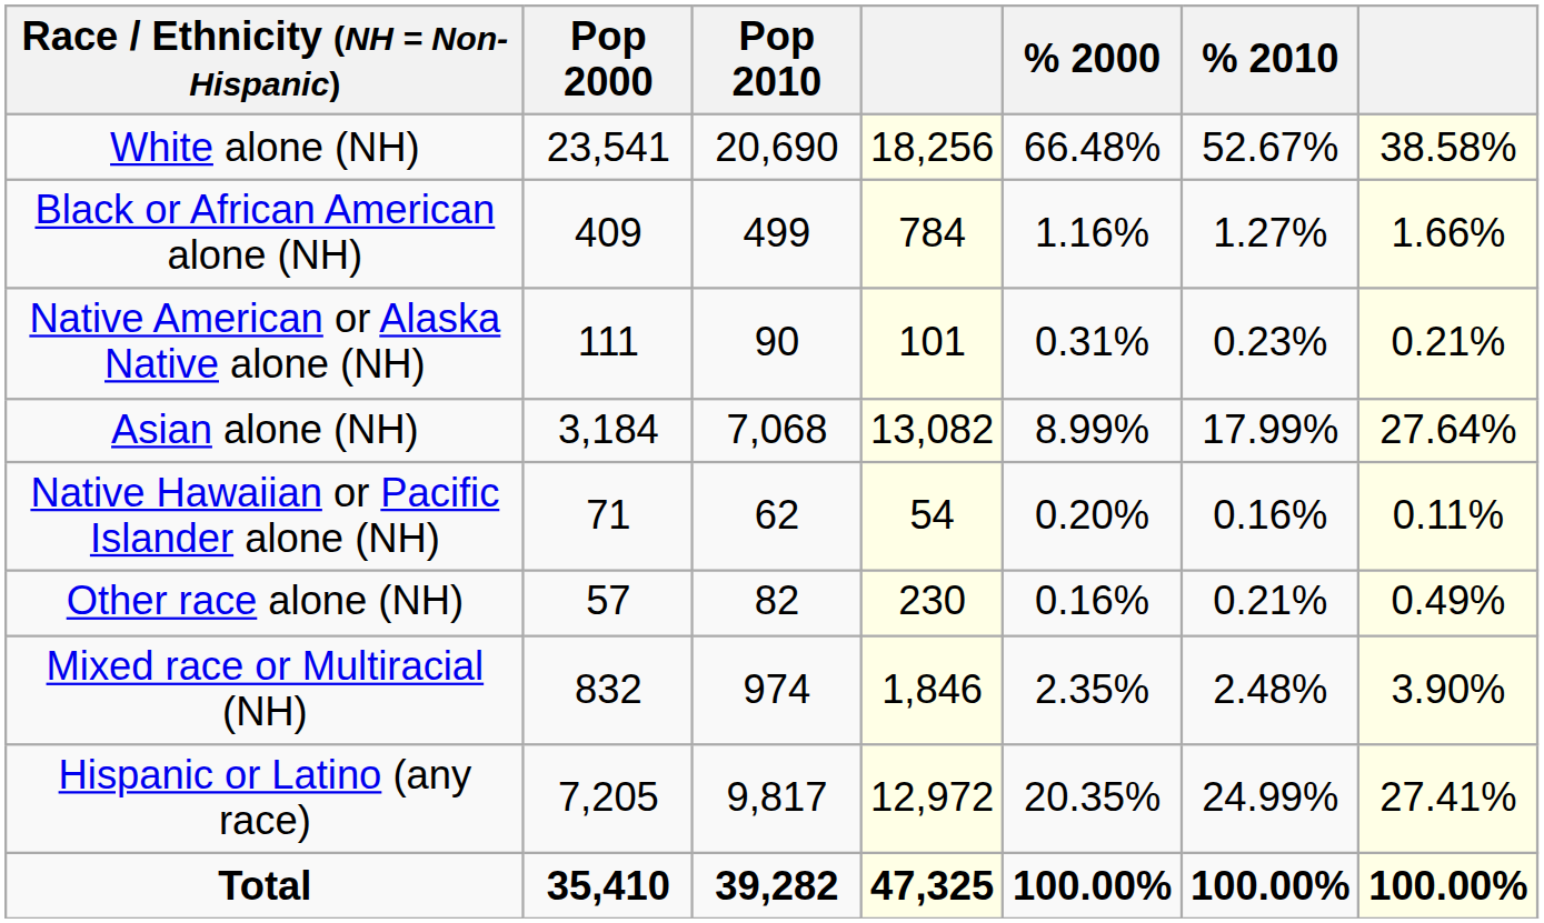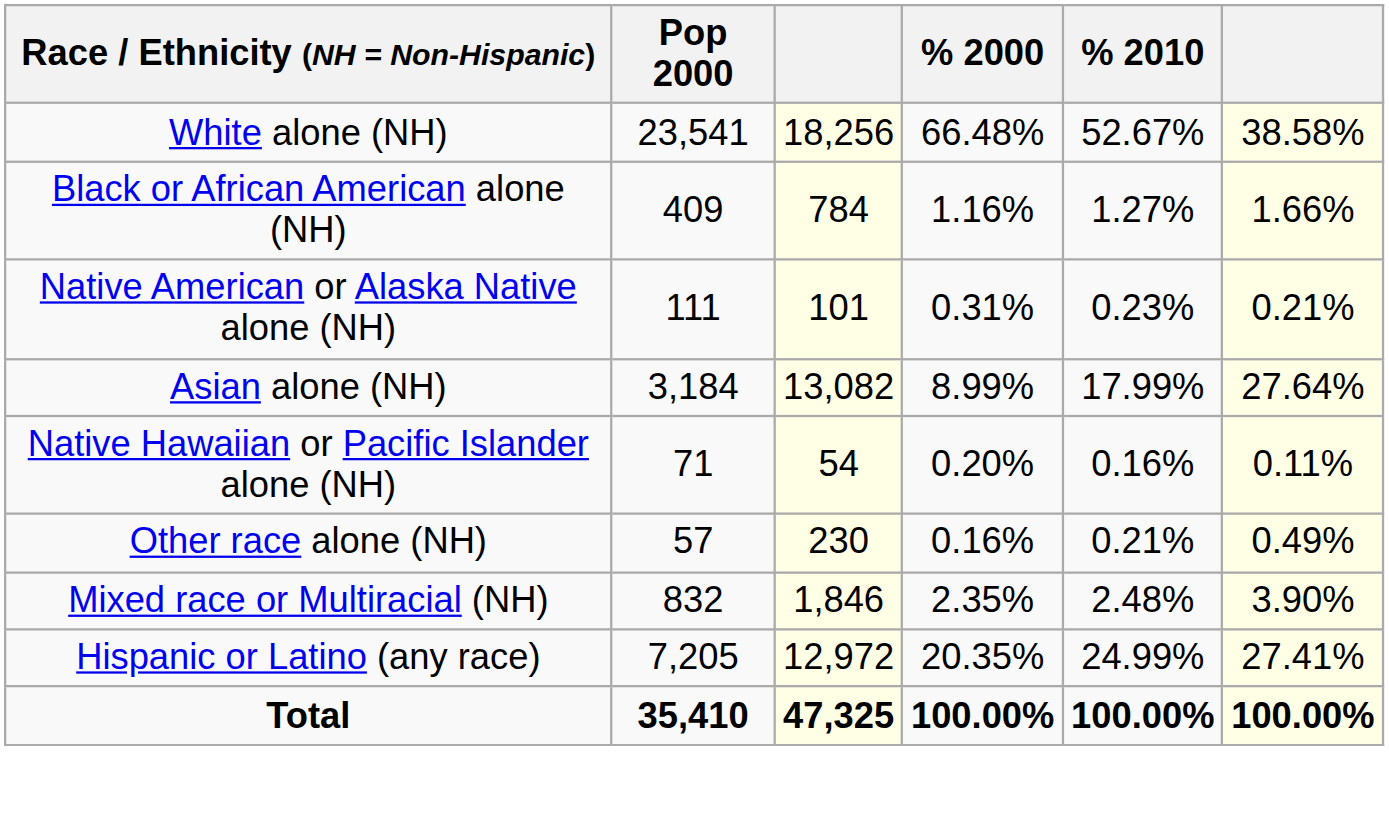 <table class="wikitable" style="text-align:center;">
 <tr>
 <th>Race / Ethnicity <small>(<em>NH = Non-Hispanic</em>)</small></th>
 <th>Pop 2000</th>
-<th>Pop 2010</th>
 <th></th>
 <th>% 2000</th>
 <th>% 2010</th>
 <th></th>
 </tr>
 <tr>
 <td><a href='#'>White</a> alone (NH)</td>
 <td>23,541</td>
-<td>20,690</td>
 <td style='background: #ffffe6;'>18,256</td>
 <td>66.48%</td>
 <td>52.67%</td>
 <td style='background: #ffffe6;'>38.58%</td>
 </tr>
 <tr>
 <td><a href='#'>Black or African American</a> alone (NH)</td>
 <td>409</td>
-<td>499</td>
 <td style='background: #ffffe6;'>784</td>
 <td>1.16%</td>
 <td>1.27%</td>
 <td style='background: #ffffe6;'>1.66%</td>
 </tr>
 <tr>
 <td><a href='#'>Native American</a> or <a href='#'>Alaska Native</a> alone (NH)</td>
 <td>111</td>
-<td>90</td>
 <td style='background: #ffffe6;'>101</td>
 <td>0.31%</td>
 <td>0.23%</td>
 <td style='background: #ffffe6;'>0.21%</td>
 </tr>
 <tr>
 <td><a href='#'>Asian</a> alone (NH)</td>
 <td>3,184</td>
-<td>7,068</td>
 <td style='background: #ffffe6;'>13,082</td>
 <td>8.99%</td>
 <td>17.99%</td>
 <td style='background: #ffffe6;'>27.64%</td>
 </tr>
 <tr>
 <td><a href='#'>Native Hawaiian</a> or <a href='#'>Pacific Islander</a> alone (NH)</td>
 <td>71</td>
-<td>62</td>
 <td style='background: #ffffe6;'>54</td>
 <td>0.20%</td>
 <td>0.16%</td>
 <td style='background: #ffffe6;'>0.11%</td>
 </tr>
 <tr>
 <td><a href='#'>Other race</a> alone (NH)</td>
 <td>57</td>
-<td>82</td>
 <td style='background: #ffffe6;'>230</td>
 <td>0.16%</td>
 <td>0.21%</td>
 <td style='background: #ffffe6;'>0.49%</td>
 </tr>
 <tr>
 <td><a href='#'>Mixed race or Multiracial</a> (NH)</td>
 <td>832</td>
-<td>974</td>
 <td style='background: #ffffe6;'>1,846</td>
 <td>2.35%</td>
 <td>2.48%</td>
 <td style='background: #ffffe6;'>3.90%</td>
 </tr>
 <tr>
 <td><a href='#'>Hispanic or Latino</a> (any race)</td>
 <td>7,205</td>
-<td>9,817</td>
 <td style='background: #ffffe6;'>12,972</td>
 <td>20.35%</td>
 <td>24.99%</td>
 <td style='background: #ffffe6;'>27.41%</td>
 </tr>
 <tr>
 <td><strong>Total</strong></td>
 <td><strong>35,410</strong></td>
-<td><strong>39,282</strong></td>
 <td style='background: #ffffe6;'><strong>47,325</strong></td>
 <td><strong>100.00%</strong></td>
 <td><strong>100.00%</strong></td>
 <td style='background: #ffffe6;'><strong>100.00%</strong></td>
 </tr>
 </table>
